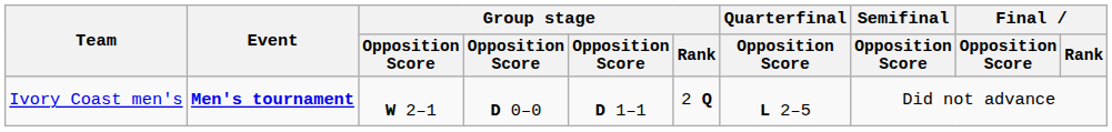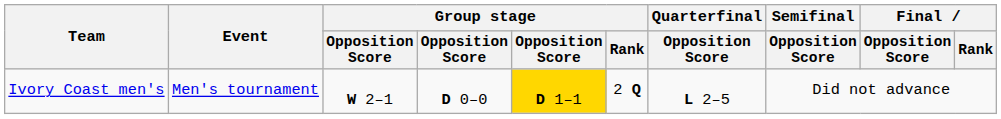 <table class="wikitable" style="font-size:90%">
 <tr>
 <th rowspan=2>Team</th>
 <th rowspan=2>Event</th>
 <th colspan=4>Group stage</th>
 <th>Quarterfinal</th>
 <th>Semifinal</th>
 <th colspan=2>Final / </th>
 </tr>
 <tr style="font-size:95%">
 <th>Opposition<br>Score</th>
 <th>Opposition<br>Score</th>
 <th>Opposition<br>Score</th>
 <th>Rank</th>
 <th>Opposition<br>Score</th>
 <th>Opposition<br>Score</th>
 <th>Opposition<br>Score</th>
 <th>Rank</th>
 </tr>
 <tr align=center>
 <td align=left><a href='#'>Ivory Coast men's</a></td>
-<td align=left><strong><a href='#'>Men's tournament</a></strong></td>
+<td align=left><a href='#'>Men's tournament</a></td>
 <td><br><strong>W</strong> 2–1</td>
 <td><br><strong>D</strong> 0–0</td>
-<td><br><strong>D</strong> 1–1</td>
+<td style="background: gold;"><br><strong>D</strong> 1–1</td>
 <td>2 <strong>Q</strong></td>
 <td><br><strong>L</strong> 2–5</td>
 <td colspan=3>Did not advance</td>
 </tr>
 </table>
